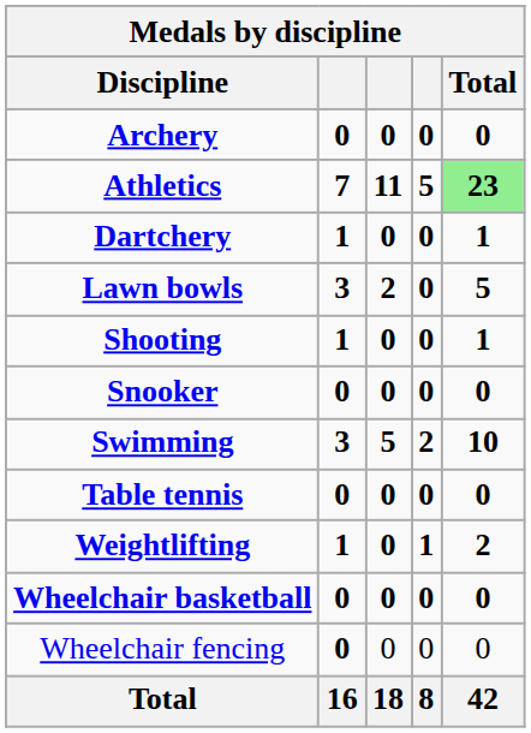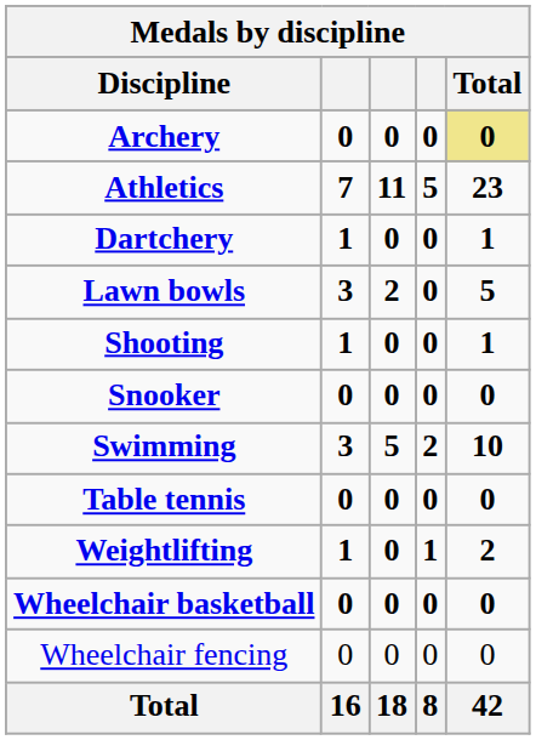 <table class="wikitable" style="font-size:85%">
 <tr bgcolor="#efefef">
 <th colspan=6>Medals by discipline</th>
 </tr>
 <tr style="text-align:center;">
 <th>Discipline</th>
 <th></th>
 <th></th>
 <th></th>
 <th>Total</th>
 </tr>
 <tr style="text-align:center; font-weight:bold;">
 <td><a href='#'>Archery</a></td>
 <td>0</td>
 <td>0</td>
 <td>0</td>
-<td>0</td>
+<td style="background: khaki;">0</td>
 </tr>
 <tr style="text-align:center; font-weight:bold;">
 <td><a href='#'>Athletics</a></td>
 <td>7</td>
 <td>11</td>
 <td>5</td>
-<td style="background: lightgreen;">23</td>
+<td>23</td>
 </tr>
 <tr style="text-align:center; font-weight:bold;">
 <td><a href='#'>Dartchery</a></td>
 <td>1</td>
 <td>0</td>
 <td>0</td>
 <td>1</td>
 </tr>
 <tr style="text-align:center; font-weight:bold;">
 <td><a href='#'>Lawn bowls</a></td>
 <td>3</td>
 <td>2</td>
 <td>0</td>
 <td>5</td>
 </tr>
 <tr style="text-align:center; font-weight:bold;">
 <td><a href='#'>Shooting</a></td>
 <td>1</td>
 <td>0</td>
 <td>0</td>
 <td>1</td>
 </tr>
 <tr style="text-align:center; font-weight:bold;">
 <td><a href='#'>Snooker</a></td>
 <td>0</td>
 <td>0</td>
 <td>0</td>
 <td>0</td>
 </tr>
 <tr style="text-align:center; font-weight:bold;">
 <td><a href='#'>Swimming</a></td>
 <td>3</td>
 <td>5</td>
 <td>2</td>
 <td>10</td>
 </tr>
 <tr style="text-align:center; font-weight:bold;">
 <td><a href='#'>Table tennis</a></td>
 <td>0</td>
 <td>0</td>
 <td>0</td>
 <td>0</td>
 </tr>
 <tr style="text-align:center; font-weight:bold;">
 <td><a href='#'>Weightlifting</a></td>
 <td>1</td>
 <td>0</td>
 <td>1</td>
 <td>2</td>
 </tr>
 <tr style="text-align:center; font-weight:bold;">
 <td><a href='#'>Wheelchair basketball</a></td>
 <td>0</td>
 <td>0</td>
 <td>0</td>
 <td>0</td>
 </tr>
 <tr style="text-align:center; ">
 <td><a href='#'>Wheelchair fencing</a></td>
-<td><strong>0</strong></td>
+<td>0</td>
 <td>0</td>
 <td>0</td>
 <td>0</td>
 </tr>
 <tr style="text-align:center;">
 <th>Total</th>
 <th>16</th>
 <th>18</th>
 <th>8</th>
 <th>42</th>
 </tr>
 </table>
